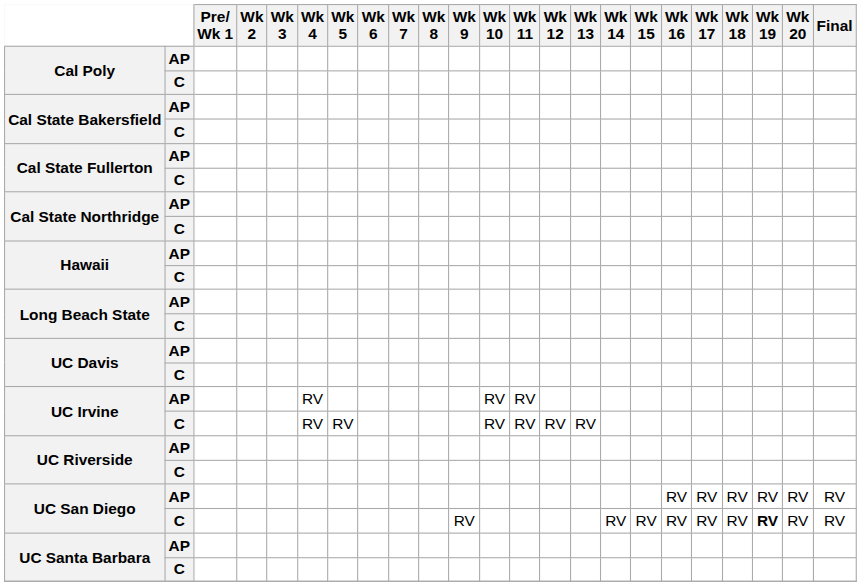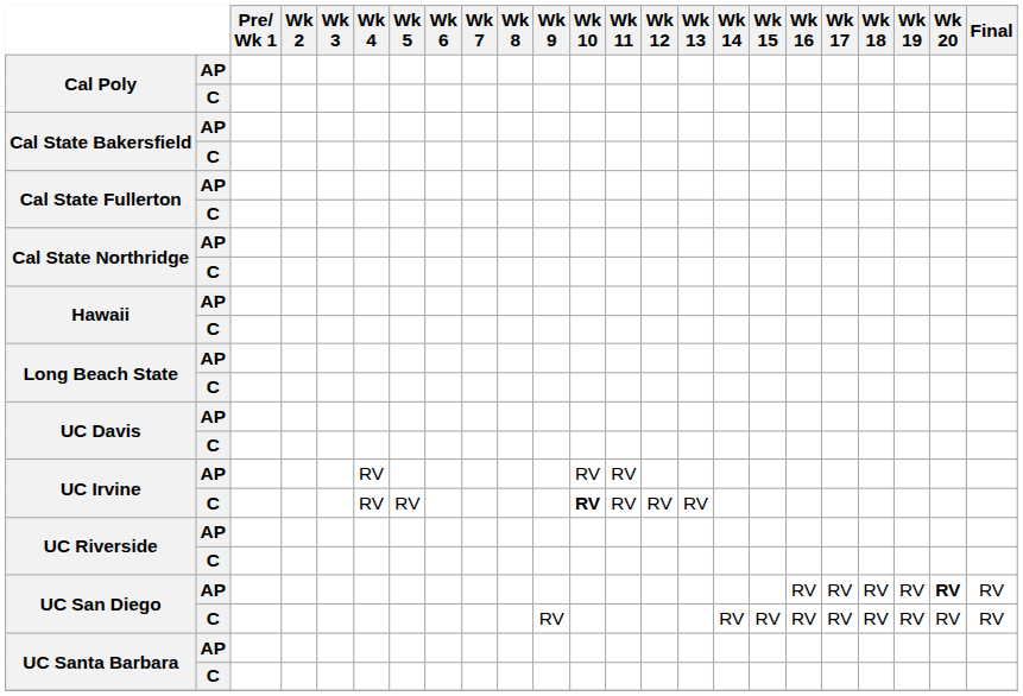 <table class="wikitable" style="white-space:nowrap;font-size:90%;text-align:center;">
 <tr>
 <th colspan=2 style="background:white; border-top-style:hidden; border-left-style:hidden;"> </th>
 <th>Pre/<br>Wk 1</th>
 <th>Wk<br>2</th>
 <th>Wk<br>3</th>
 <th>Wk<br>4</th>
 <th>Wk<br>5</th>
 <th>Wk<br>6</th>
 <th>Wk<br>7</th>
 <th>Wk<br>8</th>
 <th>Wk<br>9</th>
 <th>Wk<br>10</th>
 <th>Wk<br>11</th>
 <th>Wk<br>12</th>
 <th>Wk<br>13</th>
 <th>Wk<br>14</th>
 <th>Wk<br>15</th>
 <th>Wk<br>16</th>
 <th>Wk<br>17</th>
 <th>Wk<br>18</th>
 <th>Wk<br>19</th>
 <th>Wk<br>20</th>
 <th>Final</th>
 </tr>
 <tr>
 <th rowspan=2 style=>Cal Poly</th>
 <th>AP</th>
 <td style="background:#FFF;"></td>
 <td style="background:#FFF;"></td>
 <td style="background:#FFF;"></td>
 <td style="background:#FFF;"></td>
 <td style="background:#FFF;"></td>
 <td style="background:#FFF;"></td>
 <td style="background:#FFF;"></td>
 <td style="background:#FFF;"></td>
 <td style="background:#FFF;"></td>
 <td style="background:#FFF;"></td>
 <td style="background:#FFF;"></td>
 <td style="background:#FFF;"></td>
 <td style="background:#FFF;"></td>
 <td style="background:#FFF;"></td>
 <td style="background:#FFF;"></td>
 <td style="background:#FFF;"></td>
 <td style="background:#FFF;"></td>
 <td style="background:#FFF;"></td>
 <td style="background:#FFF;"></td>
 <td style="background:#FFF;"></td>
 <td style="background:#FFF;"></td>
 </tr>
 <tr>
 <th>C</th>
 <td style="background:#FFF;"></td>
 <td style="background:#FFF;"></td>
 <td style="background:#FFF;"></td>
 <td style="background:#FFF;"></td>
 <td style="background:#FFF;"></td>
 <td style="background:#FFF;"></td>
 <td style="background:#FFF;"></td>
 <td style="background:#FFF;"></td>
 <td style="background:#FFF;"></td>
 <td style="background:#FFF;"></td>
 <td style="background:#FFF;"></td>
 <td style="background:#FFF;"></td>
 <td style="background:#FFF;"></td>
 <td style="background:#FFF;"></td>
 <td style="background:#FFF;"></td>
 <td style="background:#FFF;"></td>
 <td style="background:#FFF;"></td>
 <td style="background:#FFF;"></td>
 <td style="background:#FFF;"></td>
 <td style="background:#FFF;"></td>
 <td style="background:#FFF;"></td>
 </tr>
 <tr>
 <th rowspan=2 style=>Cal State Bakersfield</th>
 <th>AP</th>
 <td style="background:#FFF;"></td>
 <td style="background:#FFF;"></td>
 <td style="background:#FFF;"></td>
 <td style="background:#FFF;"></td>
 <td style="background:#FFF;"></td>
 <td style="background:#FFF;"></td>
 <td style="background:#FFF;"></td>
 <td style="background:#FFF;"></td>
 <td style="background:#FFF;"></td>
 <td style="background:#FFF;"></td>
 <td style="background:#FFF;"></td>
 <td style="background:#FFF;"></td>
 <td style="background:#FFF;"></td>
 <td style="background:#FFF;"></td>
 <td style="background:#FFF;"></td>
 <td style="background:#FFF;"></td>
 <td style="background:#FFF;"></td>
 <td style="background:#FFF;"></td>
 <td style="background:#FFF;"></td>
 <td style="background:#FFF;"></td>
 <td style="background:#FFF;"></td>
 </tr>
 <tr>
 <th>C</th>
 <td style="background:#FFF;"></td>
 <td style="background:#FFF;"></td>
 <td style="background:#FFF;"></td>
 <td style="background:#FFF;"></td>
 <td style="background:#FFF;"></td>
 <td style="background:#FFF;"></td>
 <td style="background:#FFF;"></td>
 <td style="background:#FFF;"></td>
 <td style="background:#FFF;"></td>
 <td style="background:#FFF;"></td>
 <td style="background:#FFF;"></td>
 <td style="background:#FFF;"></td>
 <td style="background:#FFF;"></td>
 <td style="background:#FFF;"></td>
 <td style="background:#FFF;"></td>
 <td style="background:#FFF;"></td>
 <td style="background:#FFF;"></td>
 <td style="background:#FFF;"></td>
 <td style="background:#FFF;"></td>
 <td style="background:#FFF;"></td>
 <td style="background:#FFF;"></td>
 </tr>
 <tr>
 <th rowspan=2 style=>Cal State Fullerton</th>
 <th>AP</th>
 <td style="background:#FFF;"></td>
 <td style="background:#FFF;"></td>
 <td style="background:#FFF;"></td>
 <td style="background:#FFF;"></td>
 <td style="background:#FFF;"></td>
 <td style="background:#FFF;"></td>
 <td style="background:#FFF;"></td>
 <td style="background:#FFF;"></td>
 <td style="background:#FFF;"></td>
 <td style="background:#FFF;"></td>
 <td style="background:#FFF;"></td>
 <td style="background:#FFF;"></td>
 <td style="background:#FFF;"></td>
 <td style="background:#FFF;"></td>
 <td style="background:#FFF;"></td>
 <td style="background:#FFF;"></td>
 <td style="background:#FFF;"></td>
 <td style="background:#FFF;"></td>
 <td style="background:#FFF;"></td>
 <td style="background:#FFF;"></td>
 <td style="background:#FFF;"></td>
 </tr>
 <tr>
 <th>C</th>
 <td style="background:#FFF;"></td>
 <td style="background:#FFF;"></td>
 <td style="background:#FFF;"></td>
 <td style="background:#FFF;"></td>
 <td style="background:#FFF;"></td>
 <td style="background:#FFF;"></td>
 <td style="background:#FFF;"></td>
 <td style="background:#FFF;"></td>
 <td style="background:#FFF;"></td>
 <td style="background:#FFF;"></td>
 <td style="background:#FFF;"></td>
 <td style="background:#FFF;"></td>
 <td style="background:#FFF;"></td>
 <td style="background:#FFF;"></td>
 <td style="background:#FFF;"></td>
 <td style="background:#FFF;"></td>
 <td style="background:#FFF;"></td>
 <td style="background:#FFF;"></td>
 <td style="background:#FFF;"></td>
 <td style="background:#FFF;"></td>
 <td style="background:#FFF;"></td>
 </tr>
 <tr>
 <th rowspan=2 style=>Cal State Northridge</th>
 <th>AP</th>
 <td style="background:#FFF;"></td>
 <td style="background:#FFF;"></td>
 <td style="background:#FFF;"></td>
 <td style="background:#FFF;"></td>
 <td style="background:#FFF;"></td>
 <td style="background:#FFF;"></td>
 <td style="background:#FFF;"></td>
 <td style="background:#FFF;"></td>
 <td style="background:#FFF;"></td>
 <td style="background:#FFF;"></td>
 <td style="background:#FFF;"></td>
 <td style="background:#FFF;"></td>
 <td style="background:#FFF;"></td>
 <td style="background:#FFF;"></td>
 <td style="background:#FFF;"></td>
 <td style="background:#FFF;"></td>
 <td style="background:#FFF;"></td>
 <td style="background:#FFF;"></td>
 <td style="background:#FFF;"></td>
 <td style="background:#FFF;"></td>
 <td style="background:#FFF;"></td>
 </tr>
 <tr>
 <th>C</th>
 <td style="background:#FFF;"></td>
 <td style="background:#FFF;"></td>
 <td style="background:#FFF;"></td>
 <td style="background:#FFF;"></td>
 <td style="background:#FFF;"></td>
 <td style="background:#FFF;"></td>
 <td style="background:#FFF;"></td>
 <td style="background:#FFF;"></td>
 <td style="background:#FFF;"></td>
 <td style="background:#FFF;"></td>
 <td style="background:#FFF;"></td>
 <td style="background:#FFF;"></td>
 <td style="background:#FFF;"></td>
 <td style="background:#FFF;"></td>
 <td style="background:#FFF;"></td>
 <td style="background:#FFF;"></td>
 <td style="background:#FFF;"></td>
 <td style="background:#FFF;"></td>
 <td style="background:#FFF;"></td>
 <td style="background:#FFF;"></td>
 <td style="background:#FFF;"></td>
 </tr>
 <tr>
 <th rowspan=2 style=>Hawaii</th>
 <th>AP</th>
 <td style="background:#FFF;"></td>
 <td style="background:#FFF;"></td>
 <td style="background:#FFF;"></td>
 <td style="background:#FFF;"></td>
 <td style="background:#FFF;"></td>
 <td style="background:#FFF;"></td>
 <td style="background:#FFF;"></td>
 <td style="background:#FFF;"></td>
 <td style="background:#FFF;"></td>
 <td style="background:#FFF;"></td>
 <td style="background:#FFF;"></td>
 <td style="background:#FFF;"></td>
 <td style="background:#FFF;"></td>
 <td style="background:#FFF;"></td>
 <td style="background:#FFF;"></td>
 <td style="background:#FFF;"></td>
 <td style="background:#FFF;"></td>
 <td style="background:#FFF;"></td>
 <td style="background:#FFF;"></td>
 <td style="background:#FFF;"></td>
 <td style="background:#FFF;"></td>
 </tr>
 <tr>
 <th>C</th>
 <td style="background:#FFF;"></td>
 <td style="background:#FFF;"></td>
 <td style="background:#FFF;"></td>
 <td style="background:#FFF;"></td>
 <td style="background:#FFF;"></td>
 <td style="background:#FFF;"></td>
 <td style="background:#FFF;"></td>
 <td style="background:#FFF;"></td>
 <td style="background:#FFF;"></td>
 <td style="background:#FFF;"></td>
 <td style="background:#FFF;"></td>
 <td style="background:#FFF;"></td>
 <td style="background:#FFF;"></td>
 <td style="background:#FFF;"></td>
 <td style="background:#FFF;"></td>
 <td style="background:#FFF;"></td>
 <td style="background:#FFF;"></td>
 <td style="background:#FFF;"></td>
 <td style="background:#FFF;"></td>
 <td style="background:#FFF;"></td>
 <td style="background:#FFF;"></td>
 </tr>
 <tr>
 <th rowspan=2 style=>Long Beach State</th>
 <th>AP</th>
 <td style="background:#FFF;"></td>
 <td style="background:#FFF;"></td>
 <td style="background:#FFF;"></td>
 <td style="background:#FFF;"></td>
 <td style="background:#FFF;"></td>
 <td style="background:#FFF;"></td>
 <td style="background:#FFF;"></td>
 <td style="background:#FFF;"></td>
 <td style="background:#FFF;"></td>
 <td style="background:#FFF;"></td>
 <td style="background:#FFF;"></td>
 <td style="background:#FFF;"></td>
 <td style="background:#FFF;"></td>
 <td style="background:#FFF;"></td>
 <td style="background:#FFF;"></td>
 <td style="background:#FFF;"></td>
 <td style="background:#FFF;"></td>
 <td style="background:#FFF;"></td>
 <td style="background:#FFF;"></td>
 <td style="background:#FFF;"></td>
 <td style="background:#FFF;"></td>
 </tr>
 <tr>
 <th>C</th>
 <td style="background:#FFF;"></td>
 <td style="background:#FFF;"></td>
 <td style="background:#FFF;"></td>
 <td style="background:#FFF;"></td>
 <td style="background:#FFF;"></td>
 <td style="background:#FFF;"></td>
 <td style="background:#FFF;"></td>
 <td style="background:#FFF;"></td>
 <td style="background:#FFF;"></td>
 <td style="background:#FFF;"></td>
 <td style="background:#FFF;"></td>
 <td style="background:#FFF;"></td>
 <td style="background:#FFF;"></td>
 <td style="background:#FFF;"></td>
 <td style="background:#FFF;"></td>
 <td style="background:#FFF;"></td>
 <td style="background:#FFF;"></td>
 <td style="background:#FFF;"></td>
 <td style="background:#FFF;"></td>
 <td style="background:#FFF;"></td>
 <td style="background:#FFF;"></td>
 </tr>
 <tr>
 <th rowspan=2 style=>UC Davis</th>
 <th>AP</th>
 <td style="background:#FFF;"></td>
 <td style="background:#FFF;"></td>
 <td style="background:#FFF;"></td>
 <td style="background:#FFF;"></td>
 <td style="background:#FFF;"></td>
 <td style="background:#FFF;"></td>
 <td style="background:#FFF;"></td>
 <td style="background:#FFF;"></td>
 <td style="background:#FFF;"></td>
 <td style="background:#FFF;"></td>
 <td style="background:#FFF;"></td>
 <td style="background:#FFF;"></td>
 <td style="background:#FFF;"></td>
 <td style="background:#FFF;"></td>
 <td style="background:#FFF;"></td>
 <td style="background:#FFF;"></td>
 <td style="background:#FFF;"></td>
 <td style="background:#FFF;"></td>
 <td style="background:#FFF;"></td>
 <td style="background:#FFF;"></td>
 <td style="background:#FFF;"></td>
 </tr>
 <tr>
 <th>C</th>
 <td style="background:#FFF;"></td>
 <td style="background:#FFF;"></td>
 <td style="background:#FFF;"></td>
 <td style="background:#FFF;"></td>
 <td style="background:#FFF;"></td>
 <td style="background:#FFF;"></td>
 <td style="background:#FFF;"></td>
 <td style="background:#FFF;"></td>
 <td style="background:#FFF;"></td>
 <td style="background:#FFF;"></td>
 <td style="background:#FFF;"></td>
 <td style="background:#FFF;"></td>
 <td style="background:#FFF;"></td>
 <td style="background:#FFF;"></td>
 <td style="background:#FFF;"></td>
 <td style="background:#FFF;"></td>
 <td style="background:#FFF;"></td>
 <td style="background:#FFF;"></td>
 <td style="background:#FFF;"></td>
 <td style="background:#FFF;"></td>
 <td style="background:#FFF;"></td>
 </tr>
 <tr>
 <th rowspan=2 style=>UC Irvine</th>
 <th>AP</th>
 <td style="background:#FFF;"></td>
 <td style="background:#FFF;"></td>
 <td style="background:#FFF;"></td>
 <td style="background:#FFF;">RV</td>
 <td style="background:#FFF;"></td>
 <td style="background:#FFF;"></td>
 <td style="background:#FFF;"></td>
 <td style="background:#FFF;"></td>
 <td style="background:#FFF;"></td>
 <td style="background:#FFF;">RV</td>
 <td style="background:#FFF;">RV</td>
 <td style="background:#FFF;"></td>
 <td style="background:#FFF;"></td>
 <td style="background:#FFF;"></td>
 <td style="background:#FFF;"></td>
 <td style="background:#FFF;"></td>
 <td style="background:#FFF;"></td>
 <td style="background:#FFF;"></td>
 <td style="background:#FFF;"></td>
 <td style="background:#FFF;"></td>
 <td style="background:#FFF;"></td>
 </tr>
 <tr>
 <th>C</th>
 <td style="background:#FFF;"></td>
 <td style="background:#FFF;"></td>
 <td style="background:#FFF;"></td>
 <td style="background:#FFF;">RV</td>
 <td style="background:#FFF;">RV</td>
 <td style="background:#FFF;"></td>
 <td style="background:#FFF;"></td>
 <td style="background:#FFF;"></td>
 <td style="background:#FFF;"></td>
-<td style="background:#FFF;">RV</td>
+<td style="background:#FFF;"><strong>RV</strong></td>
 <td style="background:#FFF;">RV</td>
 <td style="background:#FFF;">RV</td>
 <td style="background:#FFF;">RV</td>
 <td style="background:#FFF;"></td>
 <td style="background:#FFF;"></td>
 <td style="background:#FFF;"></td>
 <td style="background:#FFF;"></td>
 <td style="background:#FFF;"></td>
 <td style="background:#FFF;"></td>
 <td style="background:#FFF;"></td>
 <td style="background:#FFF;"></td>
 </tr>
 <tr>
 <th rowspan=2 style=>UC Riverside</th>
 <th>AP</th>
 <td style="background:#FFF;"></td>
 <td style="background:#FFF;"></td>
 <td style="background:#FFF;"></td>
 <td style="background:#FFF;"></td>
 <td style="background:#FFF;"></td>
 <td style="background:#FFF;"></td>
 <td style="background:#FFF;"></td>
 <td style="background:#FFF;"></td>
 <td style="background:#FFF;"></td>
 <td style="background:#FFF;"></td>
 <td style="background:#FFF;"></td>
 <td style="background:#FFF;"></td>
 <td style="background:#FFF;"></td>
 <td style="background:#FFF;"></td>
 <td style="background:#FFF;"></td>
 <td style="background:#FFF;"></td>
 <td style="background:#FFF;"></td>
 <td style="background:#FFF;"></td>
 <td style="background:#FFF;"></td>
 <td style="background:#FFF;"></td>
 <td style="background:#FFF;"></td>
 </tr>
 <tr>
 <th>C</th>
 <td style="background:#FFF;"></td>
 <td style="background:#FFF;"></td>
 <td style="background:#FFF;"></td>
 <td style="background:#FFF;"></td>
 <td style="background:#FFF;"></td>
 <td style="background:#FFF;"></td>
 <td style="background:#FFF;"></td>
 <td style="background:#FFF;"></td>
 <td style="background:#FFF;"></td>
 <td style="background:#FFF;"></td>
 <td style="background:#FFF;"></td>
 <td style="background:#FFF;"></td>
 <td style="background:#FFF;"></td>
 <td style="background:#FFF;"></td>
 <td style="background:#FFF;"></td>
 <td style="background:#FFF;"></td>
 <td style="background:#FFF;"></td>
 <td style="background:#FFF;"></td>
 <td style="background:#FFF;"></td>
 <td style="background:#FFF;"></td>
 <td style="background:#FFF;"></td>
 </tr>
 <tr>
 <th rowspan=2 style=>UC San Diego</th>
 <th>AP</th>
 <td style="background:#FFF;"></td>
 <td style="background:#FFF;"></td>
 <td style="background:#FFF;"></td>
 <td style="background:#FFF;"></td>
 <td style="background:#FFF;"></td>
 <td style="background:#FFF;"></td>
 <td style="background:#FFF;"></td>
 <td style="background:#FFF;"></td>
 <td style="background:#FFF;"></td>
 <td style="background:#FFF;"></td>
 <td style="background:#FFF;"></td>
 <td style="background:#FFF;"></td>
 <td style="background:#FFF;"></td>
 <td style="background:#FFF;"></td>
 <td style="background:#FFF;"></td>
 <td style="background:#FFF;">RV</td>
 <td style="background:#FFF;">RV</td>
 <td style="background:#FFF;">RV</td>
 <td style="background:#FFF;">RV</td>
-<td style="background:#FFF;">RV</td>
+<td style="background:#FFF;"><strong>RV</strong></td>
 <td style="background:#FFF;">RV</td>
 </tr>
 <tr>
 <th>C</th>
 <td style="background:#FFF;"></td>
 <td style="background:#FFF;"></td>
 <td style="background:#FFF;"></td>
 <td style="background:#FFF;"></td>
 <td style="background:#FFF;"></td>
 <td style="background:#FFF;"></td>
 <td style="background:#FFF;"></td>
 <td style="background:#FFF;"></td>
 <td style="background:#FFF;">RV</td>
 <td style="background:#FFF;"></td>
 <td style="background:#FFF;"></td>
 <td style="background:#FFF;"></td>
 <td style="background:#FFF;"></td>
 <td style="background:#FFF;">RV</td>
 <td style="background:#FFF;">RV</td>
 <td style="background:#FFF;">RV</td>
 <td style="background:#FFF;">RV</td>
 <td style="background:#FFF;">RV</td>
-<td style="background:#FFF;"><strong>RV</strong></td>
+<td style="background:#FFF;">RV</td>
 <td style="background:#FFF;">RV</td>
 <td style="background:#FFF;">RV</td>
 </tr>
 <tr>
 <th rowspan=2 style=>UC Santa Barbara</th>
 <th>AP</th>
 <td style="background:#FFF;"></td>
 <td style="background:#FFF;"></td>
 <td style="background:#FFF;"></td>
 <td style="background:#FFF;"></td>
 <td style="background:#FFF;"></td>
 <td style="background:#FFF;"></td>
 <td style="background:#FFF;"></td>
 <td style="background:#FFF;"></td>
 <td style="background:#FFF;"></td>
 <td style="background:#FFF;"></td>
 <td style="background:#FFF;"></td>
 <td style="background:#FFF;"></td>
 <td style="background:#FFF;"></td>
 <td style="background:#FFF;"></td>
 <td style="background:#FFF;"></td>
 <td style="background:#FFF;"></td>
 <td style="background:#FFF;"></td>
 <td style="background:#FFF;"></td>
 <td style="background:#FFF;"></td>
 <td style="background:#FFF;"></td>
 <td style="background:#FFF;"></td>
 </tr>
 <tr>
 <th>C</th>
 <td style="background:#FFF;"></td>
 <td style="background:#FFF;"></td>
 <td style="background:#FFF;"></td>
 <td style="background:#FFF;"></td>
 <td style="background:#FFF;"></td>
 <td style="background:#FFF;"></td>
 <td style="background:#FFF;"></td>
 <td style="background:#FFF;"></td>
 <td style="background:#FFF;"></td>
 <td style="background:#FFF;"></td>
 <td style="background:#FFF;"></td>
 <td style="background:#FFF;"></td>
 <td style="background:#FFF;"></td>
 <td style="background:#FFF;"></td>
 <td style="background:#FFF;"></td>
 <td style="background:#FFF;"></td>
 <td style="background:#FFF;"></td>
 <td style="background:#FFF;"></td>
 <td style="background:#FFF;"></td>
 <td style="background:#FFF;"></td>
 <td style="background:#FFF;"></td>
 </tr>
 <tr>
 </tr>
 </table>
